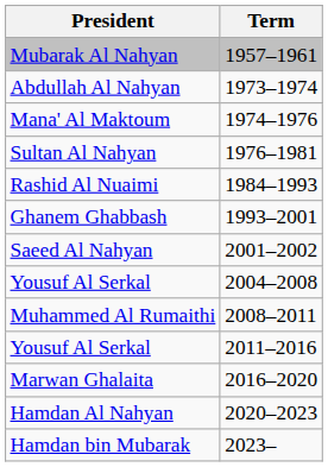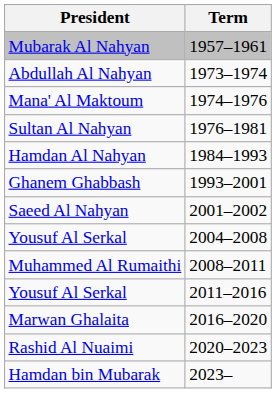 <table class="wikitable">
 <tr>
 <th>President</th>
 <th>Term</th>
 </tr>
 <tr bgcolor=silver>
 <td><a href='#'>Mubarak Al Nahyan</a></td>
 <td>1957–1961</td>
 </tr>
 <tr>
 <td><a href='#'>Abdullah Al Nahyan</a></td>
 <td>1973–1974</td>
 </tr>
 <tr>
 <td><a href='#'>Mana' Al Maktoum</a></td>
 <td>1974–1976</td>
 </tr>
 <tr>
 <td><a href='#'>Sultan Al Nahyan</a></td>
 <td>1976–1981</td>
 </tr>
 <tr>
-<td><a href='#'>Rashid Al Nuaimi</a></td>
+<td><a href='#'>Hamdan Al Nahyan</a></td>
 <td>1984–1993</td>
 </tr>
 <tr>
 <td><a href='#'>Ghanem Ghabbash</a></td>
 <td>1993–2001</td>
 </tr>
 <tr>
 <td><a href='#'>Saeed Al Nahyan</a></td>
 <td>2001–2002</td>
 </tr>
 <tr>
 <td><a href='#'>Yousuf Al Serkal</a></td>
 <td>2004–2008</td>
 </tr>
 <tr>
 <td><a href='#'>Muhammed Al Rumaithi</a></td>
 <td>2008–2011</td>
 </tr>
 <tr>
 <td><a href='#'>Yousuf Al Serkal</a></td>
 <td>2011–2016</td>
 </tr>
 <tr>
 <td><a href='#'>Marwan Ghalaita</a></td>
 <td>2016–2020</td>
 </tr>
 <tr>
-<td><a href='#'>Hamdan Al Nahyan</a></td>
+<td><a href='#'>Rashid Al Nuaimi</a></td>
 <td>2020–2023</td>
 </tr>
 <tr>
 <td><a href='#'>Hamdan bin Mubarak</a></td>
 <td>2023–</td>
 </tr>
 </table>
